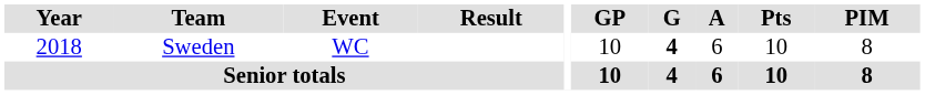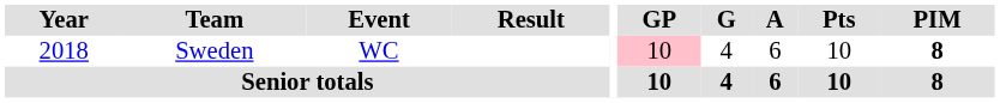 <table border="0" cellpadding="1" cellspacing="0" ID="Table3" style="text-align:center; width:40em">
 <tr ALIGN="center" bgcolor="#e0e0e0">
 <th>Year</th>
 <th>Team</th>
 <th>Event</th>
 <th>Result</th>
 <th rowspan="99" bgcolor="#ffffff"></th>
 <th>GP</th>
 <th>G</th>
 <th>A</th>
 <th>Pts</th>
 <th>PIM</th>
 </tr>
 <tr>
 <td><a href='#'>2018</a></td>
 <td><a href='#'>Sweden</a></td>
 <td><a href='#'>WC</a></td>
 <td></td>
-<td>10</td>
-<td><strong>4</strong></td>
+<td style="background: pink;">10</td>
+<td>4</td>
 <td>6</td>
 <td>10</td>
-<td>8</td>
+<td><strong>8</strong></td>
 </tr>
 <tr bgcolor="#e0e0e0">
 <th colspan=4>Senior totals</th>
 <th>10</th>
 <th>4</th>
 <th>6</th>
 <th>10</th>
 <th>8</th>
 </tr>
 </table>
